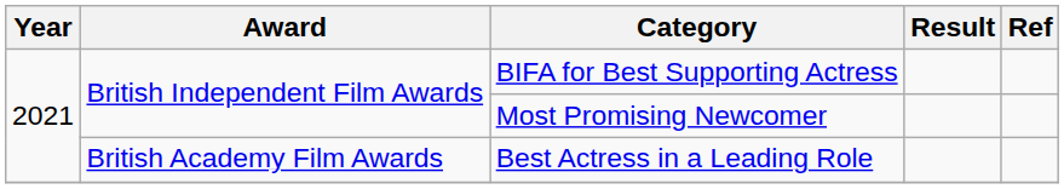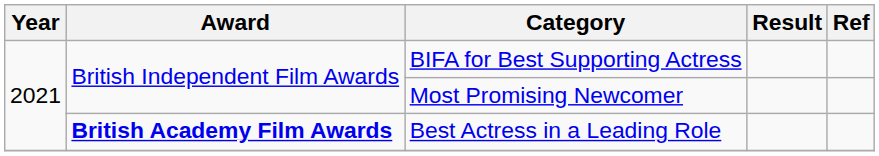 <table class="wikitable plainrowheaders">
 <tr>
 <th>Year</th>
 <th>Award</th>
 <th>Category</th>
 <th>Result</th>
 <th>Ref</th>
 </tr>
 <tr>
 <td rowspan="3">2021</td>
 <td rowspan="2"><a href='#'>British Independent Film Awards</a></td>
 <td><a href='#'>BIFA for Best Supporting Actress</a></td>
 <td></td>
 </tr>
 <tr>
 <td><a href='#'>Most Promising Newcomer</a></td>
 <td></td>
 <td style = "text-align: center;"></td>
 </tr>
 <tr>
-<td><a href='#'>British Academy Film Awards</a></td>
+<td><strong><a href='#'>British Academy Film Awards</a></strong></td>
 <td><a href='#'>Best Actress in a Leading Role</a></td>
 <td></td>
 <td style = "text-align: center;"></td>
 </tr>
 <tr>
 </tr>
 </table>
